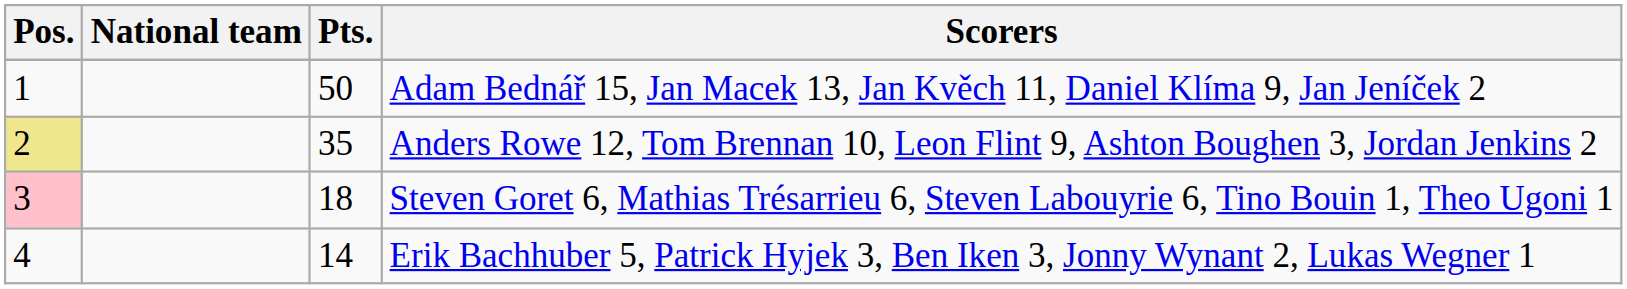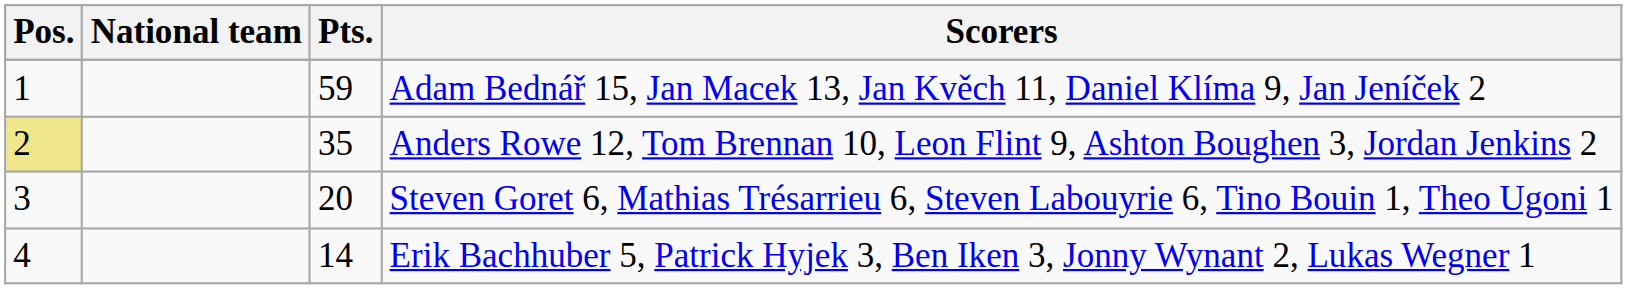 <table class=wikitable>
 <tr>
 <th>Pos.</th>
 <th>National team</th>
 <th>Pts.</th>
 <th>Scorers</th>
 </tr>
 <tr>
 </tr>
 <tr>
 <td>1</td>
 <td align=left></td>
-<td>50</td>
+<td>59</td>
 <td><a href='#'>Adam Bednář</a> 15, <a href='#'>Jan Macek</a> 13, <a href='#'>Jan Kvěch</a> 11, <a href='#'>Daniel Klíma</a> 9, <a href='#'>Jan Jeníček</a> 2</td>
 </tr>
 <tr>
 <td style="background: khaki;">2</td>
 <td align=left></td>
 <td>35</td>
 <td><a href='#'>Anders Rowe</a> 12, <a href='#'>Tom Brennan</a> 10, <a href='#'>Leon Flint</a> 9, <a href='#'>Ashton Boughen</a> 3, <a href='#'>Jordan Jenkins</a>	2</td>
 </tr>
 <tr>
-<td style="background: pink;">3</td>
+<td>3</td>
 <td align=left></td>
-<td>18</td>
+<td>20</td>
 <td><a href='#'>Steven Goret</a> 6, <a href='#'>Mathias Trésarrieu</a> 6, <a href='#'>Steven Labouyrie</a>	6, <a href='#'>Tino Bouin</a> 1, <a href='#'>Theo Ugoni</a> 1</td>
 </tr>
 <tr>
 <td>4</td>
 <td align=left></td>
 <td>14</td>
 <td><a href='#'>Erik Bachhuber</a>	5, <a href='#'>Patrick Hyjek</a> 3, <a href='#'>Ben Iken</a> 3, <a href='#'>Jonny Wynant</a> 2, <a href='#'>Lukas Wegner</a> 1</td>
 </tr>
 </table>
